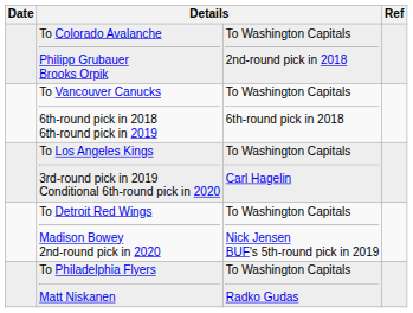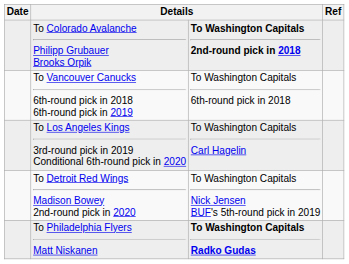 <table class="wikitable">
 <tr>
 <th>Date</th>
 <th colspan="2">Details</th>
 <th>Ref</th>
 </tr>
 <tr style="background:#eee;">
 <td></td>
 <td valign="top">To <a href='#'>Colorado Avalanche</a><hr><a href='#'>Philipp Grubauer</a><br><a href='#'>Brooks Orpik</a></td>
-<td valign="top">To Washington Capitals<hr>2nd-round pick in <a href='#'>2018</a></td>
+<td valign="top"><strong>To Washington Capitals<hr>2nd-round pick in <a href='#'>2018</a></strong></td>
 <td></td>
 </tr>
 <tr>
 <td></td>
 <td valign="top">To <a href='#'>Vancouver Canucks</a><hr>6th-round pick in 2018<br>6th-round pick in <a href='#'>2019</a></td>
 <td valign="top">To Washington Capitals<hr>6th-round pick in 2018</td>
 <td></td>
 </tr>
 <tr style="background:#eee;">
 <td></td>
 <td valign="top">To <a href='#'>Los Angeles Kings</a><hr>3rd-round pick in 2019<br>Conditional 6th-round pick in <a href='#'>2020</a></td>
 <td valign="top">To Washington Capitals<hr><a href='#'>Carl Hagelin</a></td>
 <td></td>
 </tr>
 <tr>
 <td></td>
 <td valign="top">To <a href='#'>Detroit Red Wings</a><hr><a href='#'>Madison Bowey</a><br>2nd-round pick in <a href='#'>2020</a></td>
 <td valign="top">To Washington Capitals<hr><a href='#'>Nick Jensen</a><br><a href='#'>BUF</a>'s 5th-round pick in 2019</td>
 <td></td>
 </tr>
 <tr style="background:#eee;">
 <td></td>
 <td valign="top">To <a href='#'>Philadelphia Flyers</a><hr><a href='#'>Matt Niskanen</a></td>
-<td valign="top">To Washington Capitals<hr><a href='#'>Radko Gudas</a></td>
+<td valign="top"><strong>To Washington Capitals<hr><a href='#'>Radko Gudas</a></strong></td>
 <td></td>
 </tr>
 </table>
